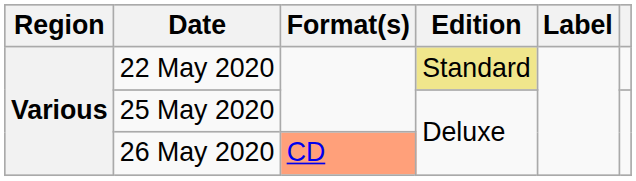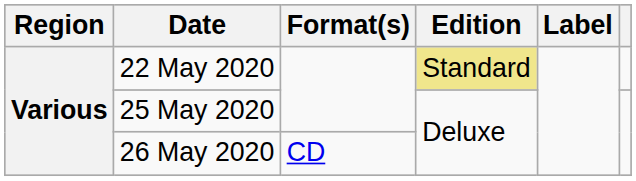 <table class="wikitable plainrowheaders">
 <tr>
 <th scope="col">Region</th>
 <th scope="col">Date</th>
 <th scope="col">Format(s)</th>
 <th scope="col">Edition</th>
 <th scope="col">Label</th>
 <th scope="col"></th>
 </tr>
 <tr>
 <th rowspan="3" scope="row">Various</th>
 <td>22 May 2020</td>
 <td rowspan="2"></td>
 <td style="background: khaki;">Standard</td>
 <td rowspan="3"></td>
 <td style="text-align:center;"></td>
 </tr>
 <tr>
 <td>25 May 2020</td>
 <td rowspan="2">Deluxe</td>
 <td rowspan="2" style="text-align:center;"></td>
 </tr>
 <tr>
 <td>26 May 2020</td>
-<td style="background: lightsalmon;"><a href='#'>CD</a></td>
+<td><a href='#'>CD</a></td>
 </tr>
 </table>
